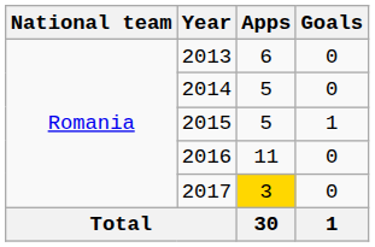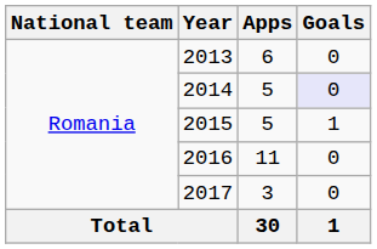 <table class="wikitable" style="text-align:center">
 <tr>
 <th>National team</th>
 <th>Year</th>
 <th>Apps</th>
 <th>Goals</th>
 </tr>
 <tr>
 <td rowspan="5"><a href='#'>Romania</a></td>
 <td>2013</td>
 <td>6</td>
 <td>0</td>
 </tr>
 <tr>
 <td>2014</td>
 <td>5</td>
-<td>0</td>
+<td style="background: lavender;">0</td>
 </tr>
 <tr>
 <td>2015</td>
 <td>5</td>
 <td>1</td>
 </tr>
 <tr>
 <td>2016</td>
 <td>11</td>
 <td>0</td>
 </tr>
 <tr>
 <td>2017</td>
-<td style="background: gold;">3</td>
+<td>3</td>
 <td>0</td>
 </tr>
 <tr>
 <th colspan="2">Total</th>
 <th>30</th>
 <th>1</th>
 </tr>
 </table>
